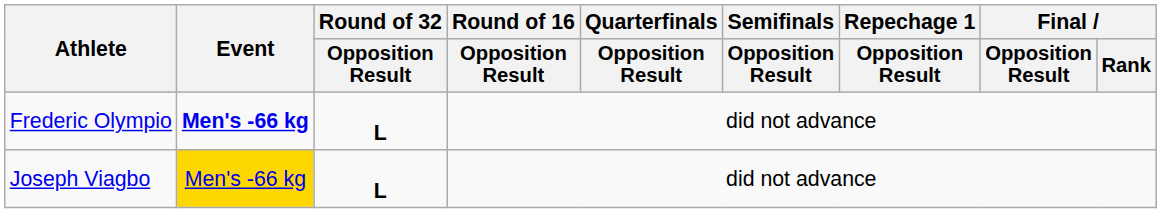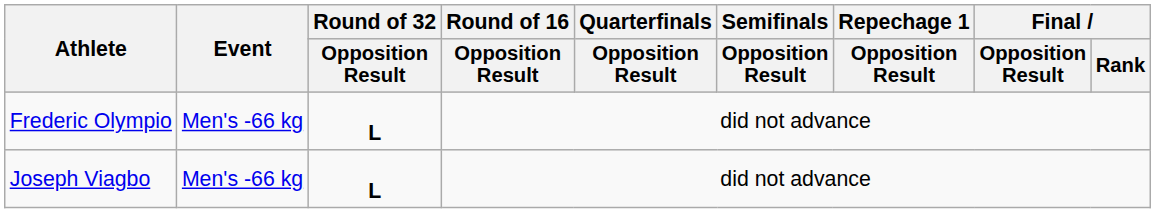 <table class="wikitable" style="font-size:90%">
 <tr>
 <th rowspan="2">Athlete</th>
 <th rowspan="2">Event</th>
 <th>Round of 32</th>
 <th>Round of 16</th>
 <th>Quarterfinals</th>
 <th>Semifinals</th>
 <th>Repechage 1</th>
 <th colspan=2>Final / </th>
 </tr>
 <tr style="font-size:95%">
 <th>Opposition<br>Result</th>
 <th>Opposition<br>Result</th>
 <th>Opposition<br>Result</th>
 <th>Opposition<br>Result</th>
 <th>Opposition<br>Result</th>
 <th>Opposition<br>Result</th>
 <th>Rank</th>
 </tr>
 <tr align=center>
 <td align=left><a href='#'>Frederic Olympio</a></td>
-<td><strong><a href='#'>Men's -66 kg</a></strong></td>
+<td><a href='#'>Men's -66 kg</a></td>
 <td><br><strong>L</strong></td>
 <td colspan=6>did not advance</td>
 </tr>
 <tr align=center>
 <td align=left><a href='#'>Joseph Viagbo</a></td>
-<td style="background: gold;"><a href='#'>Men's -66 kg</a></td>
+<td><a href='#'>Men's -66 kg</a></td>
 <td><br><strong>L</strong></td>
 <td colspan=6>did not advance</td>
 </tr>
 </table>
